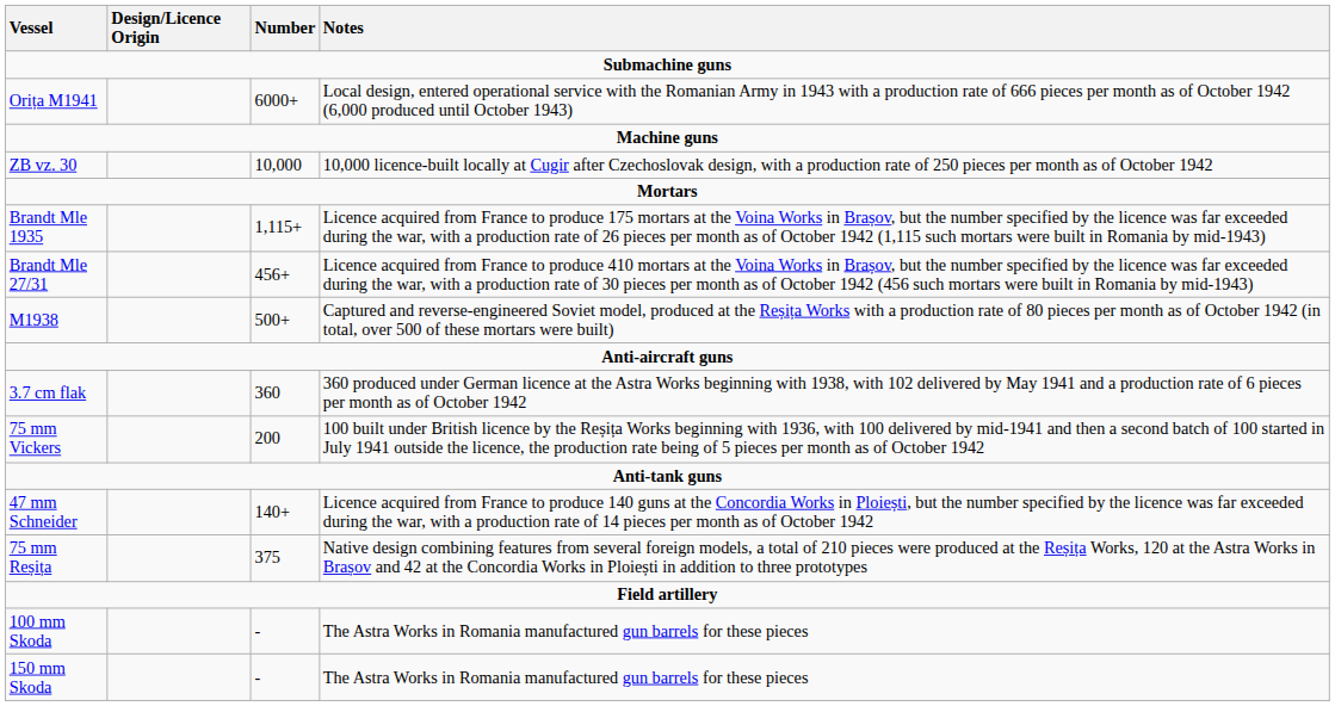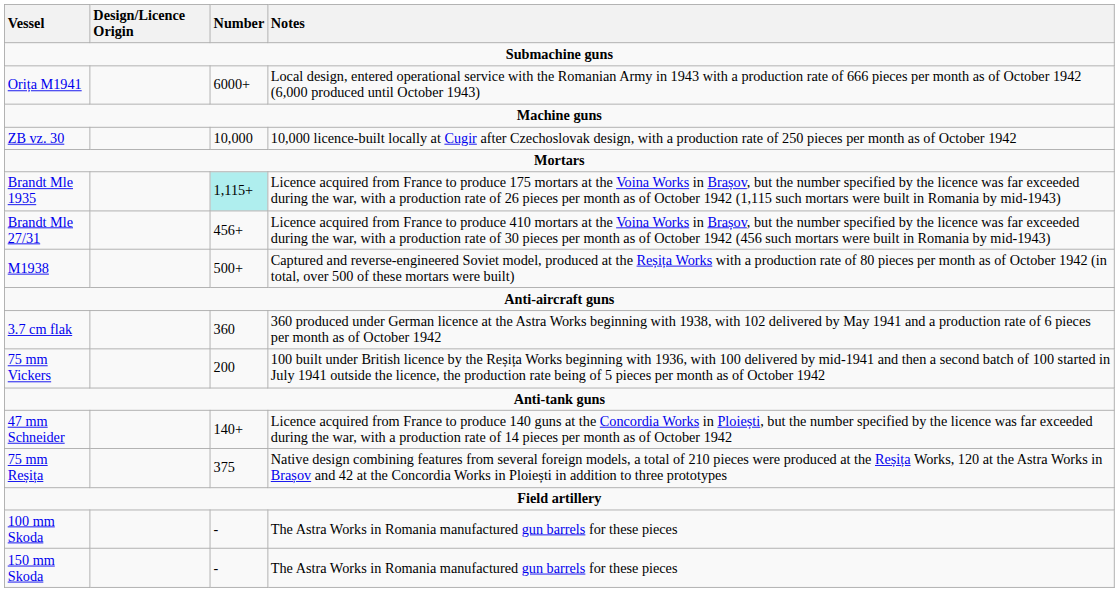 <table role="presentation" class="wikitable">
 <tr>
 <th style="text-align: left;">Vessel</th>
 <th style="text-align: left;">Design/Licence Origin</th>
 <th style="text-align: left;">Number</th>
 <th style="text-align: left;">Notes</th>
 </tr>
 <tr>
 <th colspan="6" style="background:#f9f9f9;">Submachine guns</th>
 </tr>
 <tr>
 <td><a href='#'>Orița M1941</a></td>
 <td></td>
 <td>6000+</td>
 <td>Local design, entered operational service with the Romanian Army in 1943 with a production rate of 666 pieces per month as of October 1942 (6,000 produced until October 1943)</td>
 </tr>
 <tr>
 <th colspan="6" style="background:#f9f9f9;">Machine guns</th>
 </tr>
 <tr>
 <td><a href='#'>ZB vz. 30</a></td>
 <td></td>
 <td>10,000</td>
 <td>10,000 licence-built locally at <a href='#'>Cugir</a> after Czechoslovak design, with a production rate of 250 pieces per month as of October 1942</td>
 </tr>
 <tr>
 <th colspan="6" style="background:#f9f9f9;">Mortars</th>
 </tr>
 <tr>
 <td><a href='#'>Brandt Mle 1935</a></td>
 <td></td>
-<td>1,115+</td>
+<td style="background: paleturquoise;">1,115+</td>
 <td>Licence acquired from France to produce 175 mortars at the <a href='#'>Voina Works</a> in <a href='#'>Brașov</a>, but the number specified by the licence was far exceeded during the war, with a production rate of 26 pieces per month as of October 1942 (1,115 such mortars were built in Romania by mid-1943)</td>
 </tr>
 <tr>
 <td><a href='#'>Brandt Mle 27/31</a></td>
 <td></td>
 <td>456+</td>
 <td>Licence acquired from France to produce 410 mortars at the <a href='#'>Voina Works</a> in <a href='#'>Brașov</a>, but the number specified by the licence was far exceeded during the war, with a production rate of 30 pieces per month as of October 1942 (456 such mortars were built in Romania by mid-1943)</td>
 </tr>
 <tr>
 <td><a href='#'>M1938</a></td>
 <td></td>
 <td>500+</td>
 <td>Captured and reverse-engineered Soviet model, produced at the <a href='#'>Reșița Works</a> with a production rate of 80 pieces per month as of October 1942 (in total, over 500 of these mortars were built)</td>
 </tr>
 <tr>
 <th colspan="6" style="background:#f9f9f9;">Anti-aircraft guns</th>
 </tr>
 <tr>
 <td><a href='#'>3.7 cm flak</a></td>
 <td></td>
 <td>360</td>
 <td>360 produced under German licence at the Astra Works beginning with 1938, with 102 delivered by May 1941 and a production rate of 6 pieces per month as of October 1942</td>
 </tr>
 <tr>
 <td><a href='#'>75 mm Vickers</a></td>
 <td></td>
 <td>200</td>
 <td>100 built under British licence by the Reșița Works beginning with 1936, with 100 delivered by mid-1941 and then a second batch of 100 started in July 1941 outside the licence, the production rate being of 5 pieces per month as of October 1942</td>
 </tr>
 <tr>
 <th colspan="6" style="background:#f9f9f9;">Anti-tank guns</th>
 </tr>
 <tr>
 <td><a href='#'>47 mm Schneider</a></td>
 <td></td>
 <td>140+</td>
 <td>Licence acquired from France to produce 140 guns at the <a href='#'>Concordia Works</a> in <a href='#'>Ploiești</a>, but the number specified by the licence was far exceeded during the war, with a production rate of 14 pieces per month as of October 1942</td>
 </tr>
 <tr>
 <td><a href='#'>75 mm Reșița</a></td>
 <td></td>
 <td>375</td>
 <td>Native design combining features from several foreign models, a total of 210 pieces were produced at the <a href='#'>Reșița</a> Works, 120 at the Astra Works in <a href='#'>Brașov</a> and 42 at the Concordia Works in Ploiești in addition to three prototypes</td>
 </tr>
 <tr>
 <th colspan="6" style="background:#f9f9f9;">Field artillery</th>
 </tr>
 <tr>
 <td><a href='#'>100 mm Skoda</a></td>
 <td></td>
 <td>-</td>
 <td>The Astra Works in Romania manufactured <a href='#'>gun barrels</a> for these pieces</td>
 </tr>
 <tr>
 <td><a href='#'>150 mm Skoda</a></td>
 <td></td>
 <td>-</td>
 <td>The Astra Works in Romania manufactured <a href='#'>gun barrels</a> for these pieces</td>
 </tr>
 </table>
